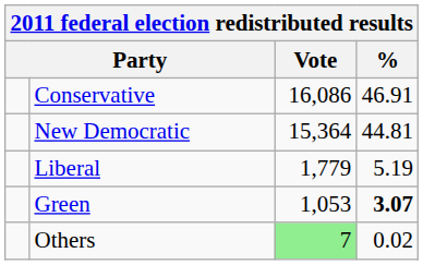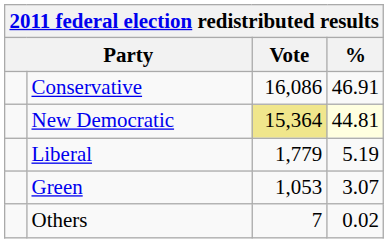 <table class="wikitable">
 <tr>
 <th colspan="4"><a href='#'>2011 federal election</a> redistributed results</th>
 </tr>
 <tr>
 <th bgcolor="#DDDDFF" width="130px" colspan="2">Party</th>
 <th bgcolor="#DDDDFF" width="50px">Vote</th>
 <th bgcolor="#DDDDFF" width="30px">%</th>
 </tr>
 <tr>
 <td> </td>
 <td><a href='#'>Conservative</a></td>
 <td align=right>16,086</td>
 <td align=right>46.91</td>
 </tr>
 <tr>
 <td> </td>
 <td><a href='#'>New Democratic</a></td>
-<td align=right>15,364</td>
-<td align=right>44.81</td>
+<td align=right style="background: khaki;">15,364</td>
+<td align=right style="background: lightyellow;">44.81</td>
 </tr>
 <tr>
 <td> </td>
 <td><a href='#'>Liberal</a></td>
 <td align=right>1,779</td>
 <td align=right>5.19</td>
 </tr>
 <tr>
 <td> </td>
 <td><a href='#'>Green</a></td>
 <td align=right>1,053</td>
-<td align=right><strong>3.07</strong></td>
+<td align=right>3.07</td>
 </tr>
 <tr>
 <td> </td>
 <td>Others</td>
-<td align=right style="background: lightgreen;">7</td>
+<td align=right>7</td>
 <td align=right>0.02</td>
 </tr>
 </table>
